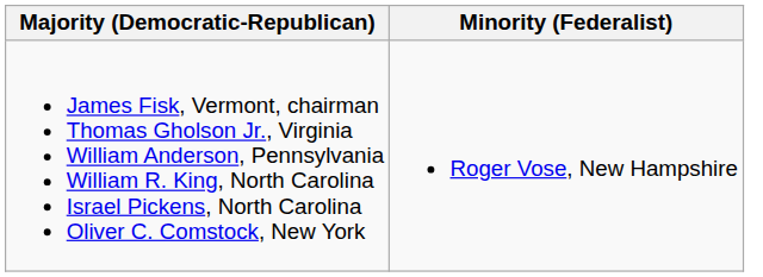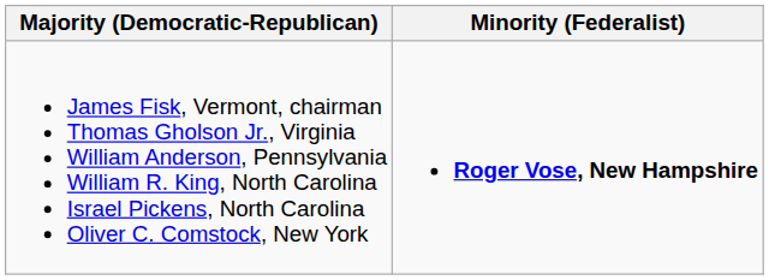 <table class=wikitable>
 <tr>
 <th>Majority (Democratic-Republican)</th>
 <th>Minority (Federalist)</th>
 </tr>
 <tr>
 <td><br><ul><li><a href='#'>James Fisk</a>, Vermont, chairman</li><li><a href='#'>Thomas Gholson Jr.</a>, Virginia</li><li><a href='#'>William Anderson</a>, Pennsylvania</li><li><a href='#'>William R. King</a>, North Carolina</li><li><a href='#'>Israel Pickens</a>, North Carolina</li><li><a href='#'>Oliver C. Comstock</a>, New York</li></ul></td>
-<td><br><ul><li><a href='#'>Roger Vose</a>, New Hampshire</li></ul></td>
+<td><strong><br><ul><li><a href='#'>Roger Vose</a>, New Hampshire</li></ul></strong></td>
 </tr>
 </table>
